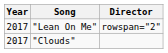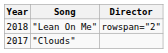 <table class="wikitable">
 <tr>
 <th>Year</th>
 <th>Song</th>
 <th>Director</th>
 </tr>
 <tr>
-<td>2017</td>
+<td>2018</td>
 <td>"Lean On Me"</td>
 <td>rowspan="2" </td>
 </tr>
 <tr>
 <td>2017</td>
 <td>"Clouds"</td>
 </tr>
 </table>
